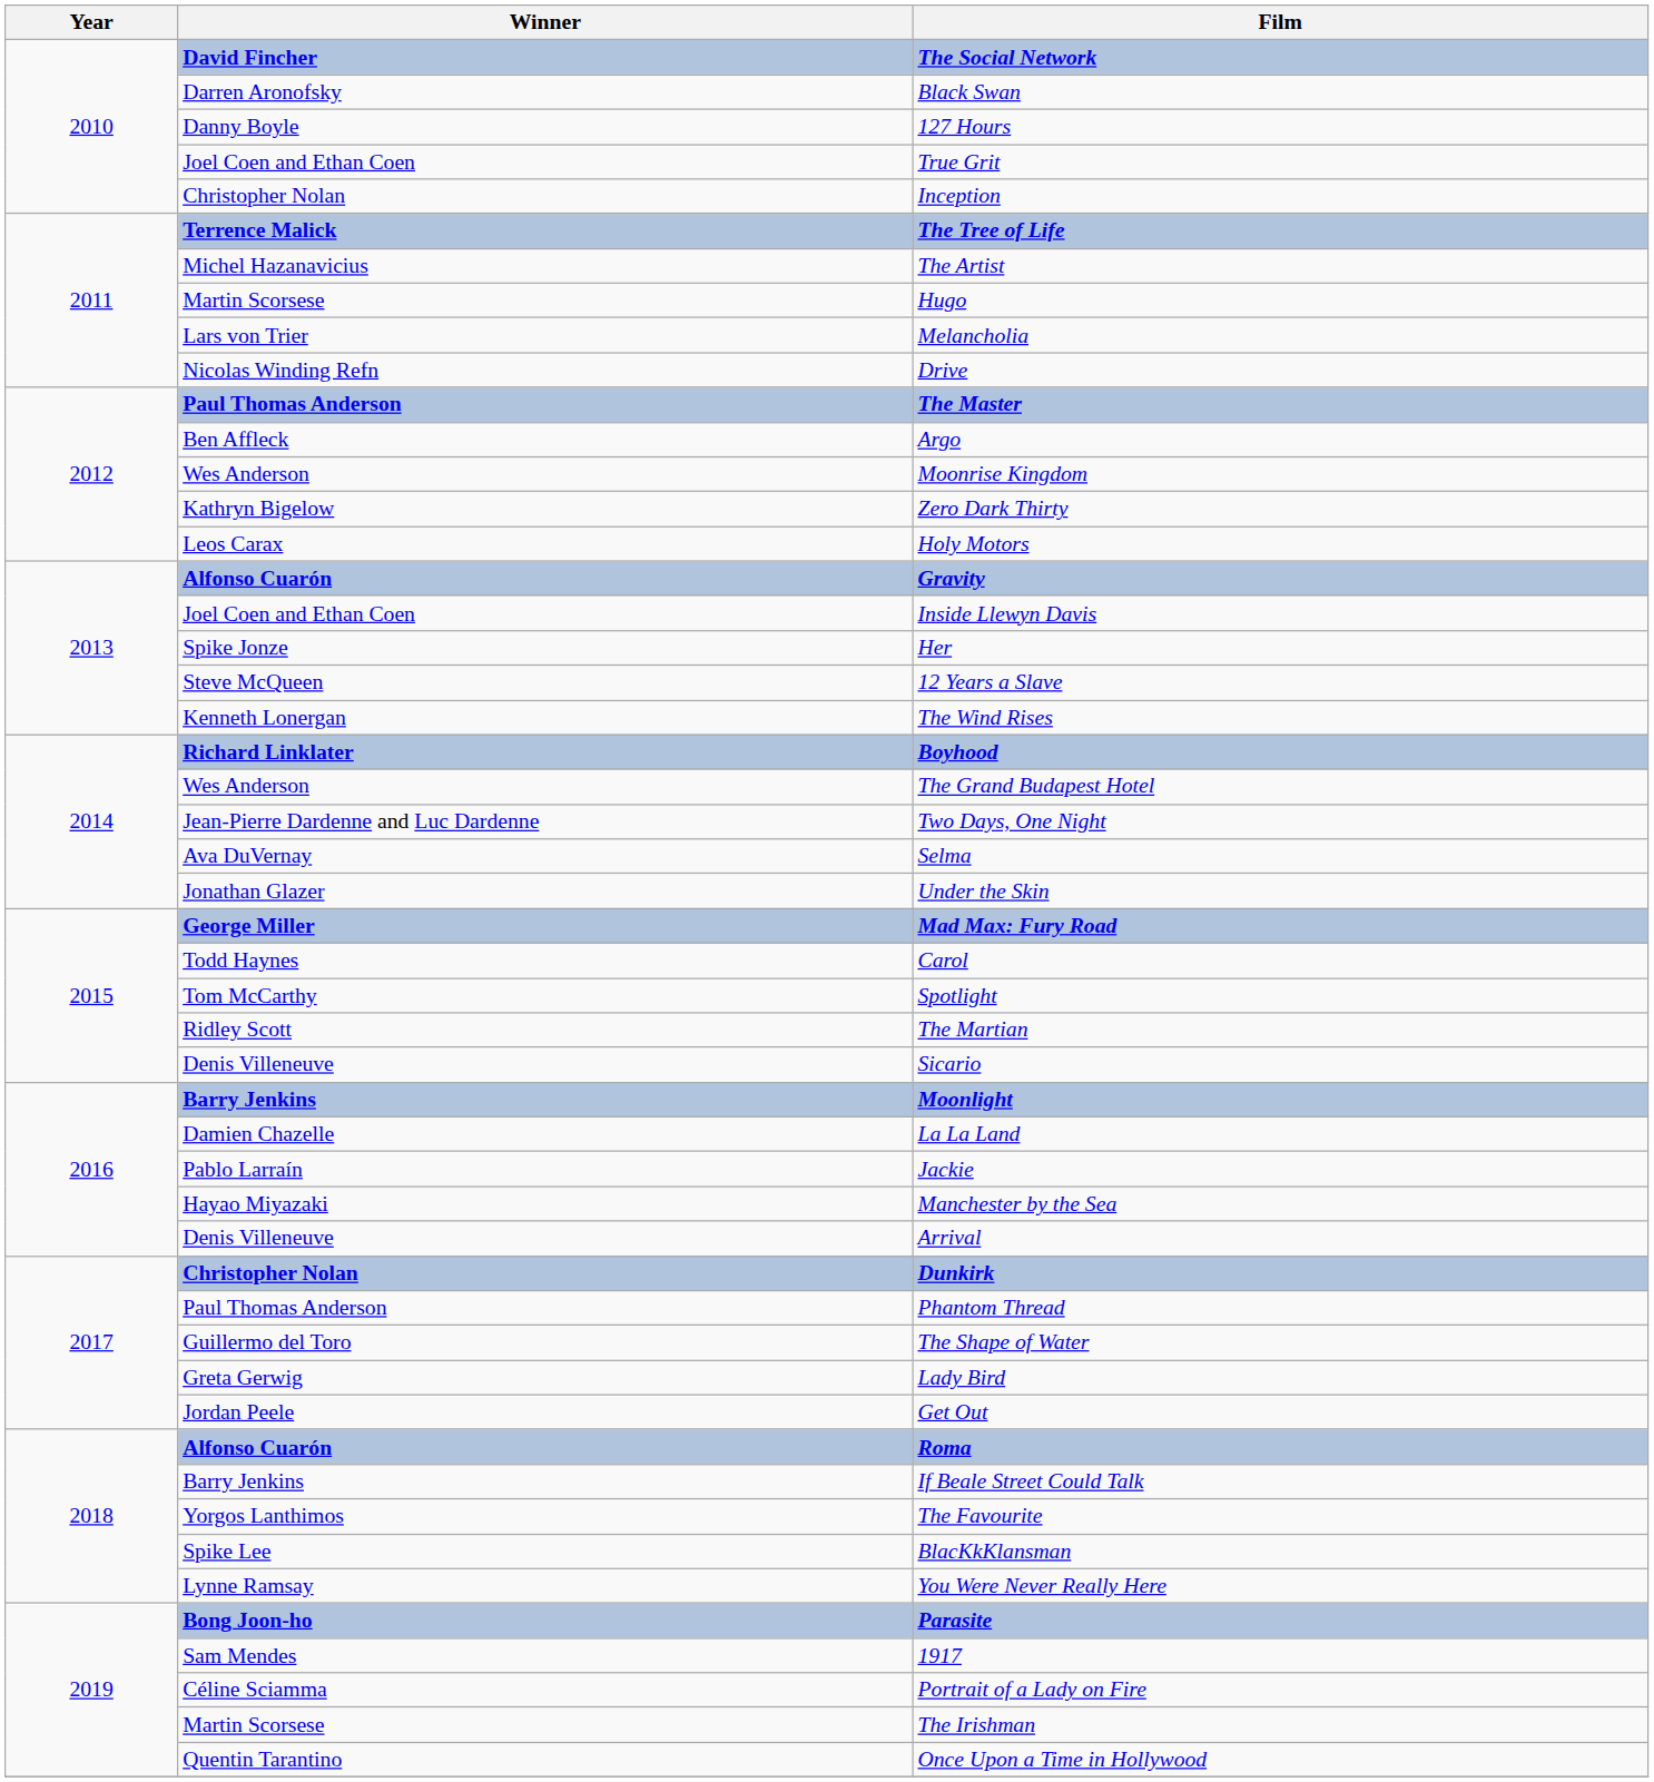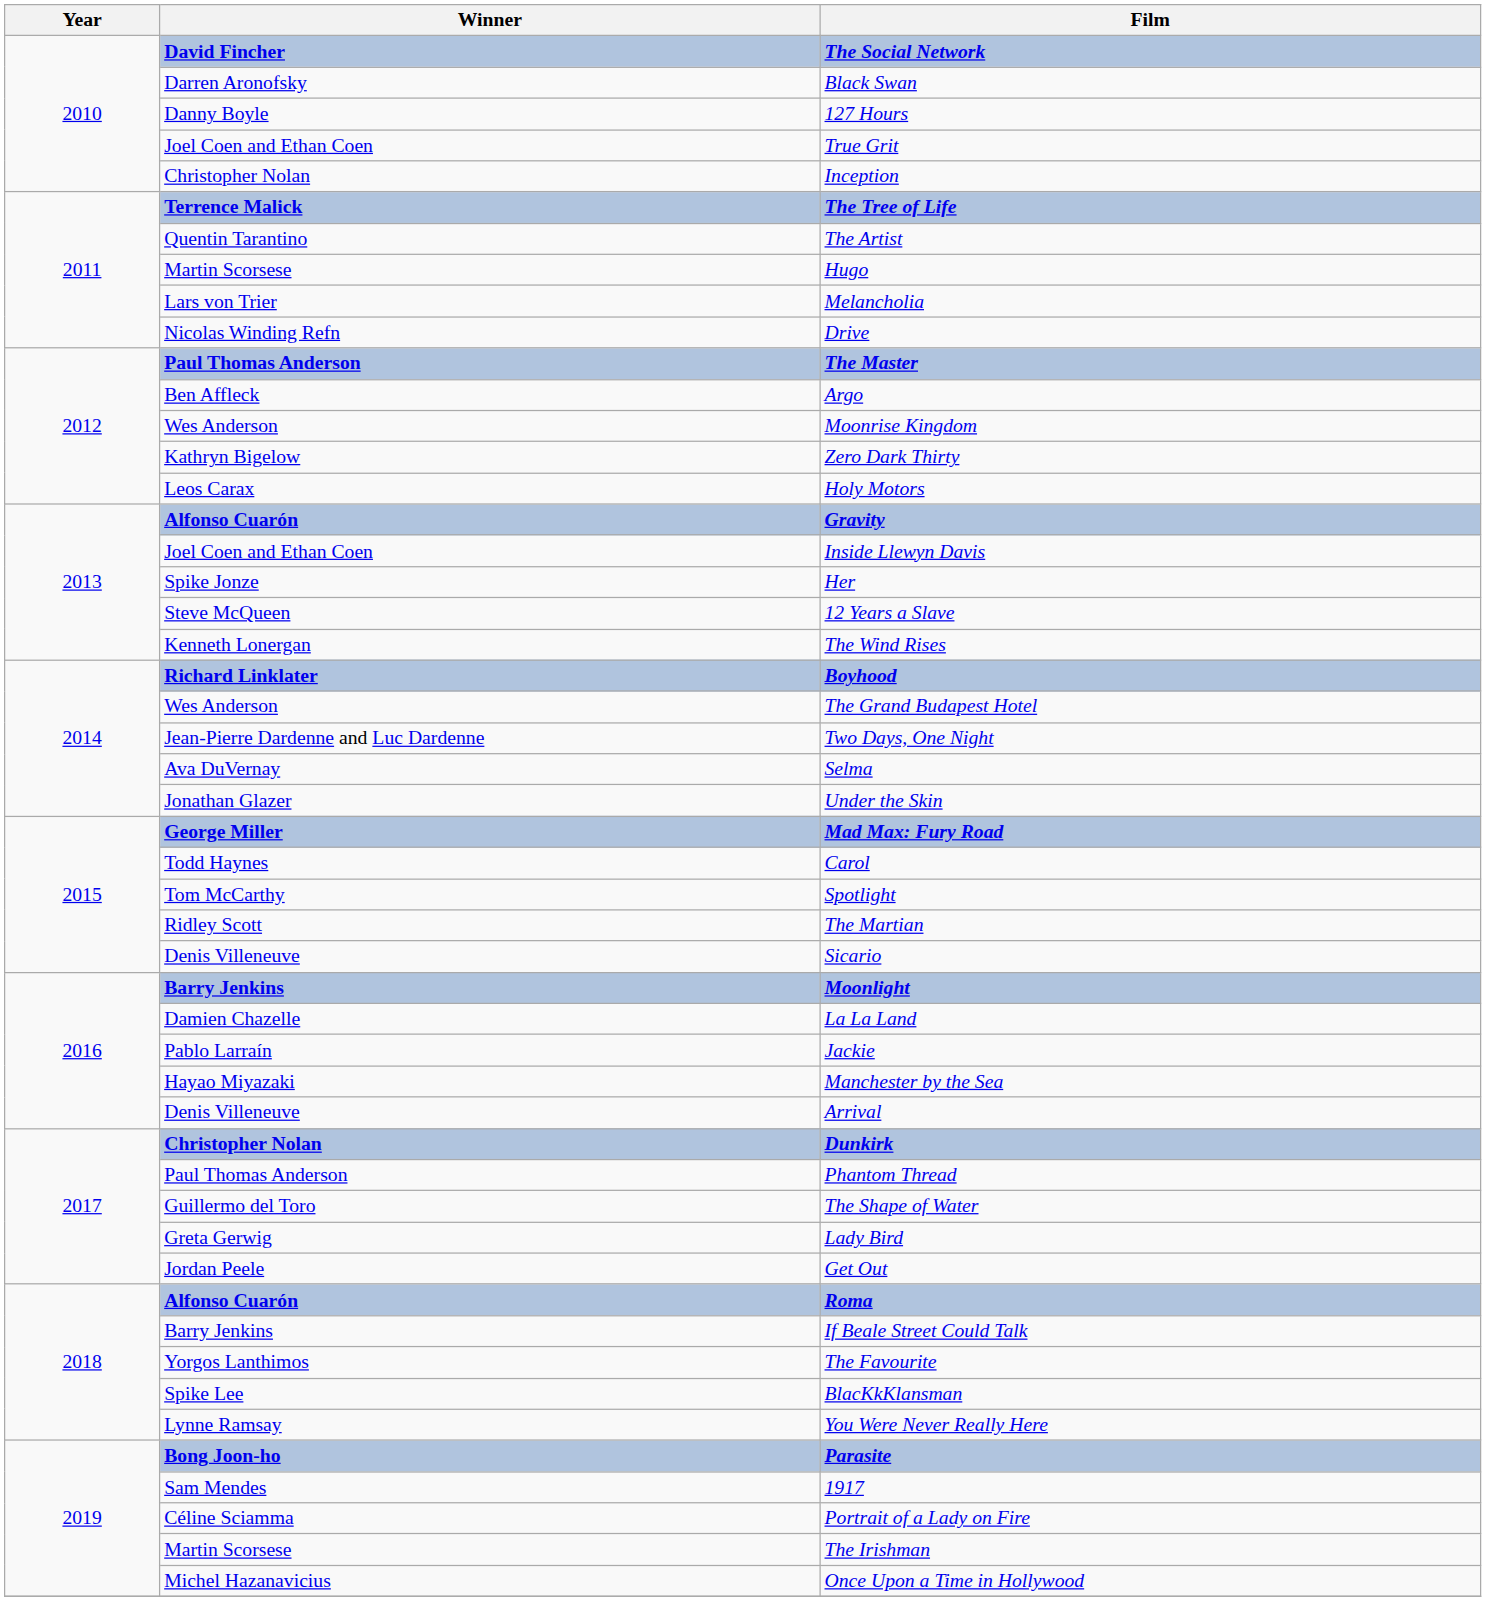 <table class="wikitable" width="95%" cellpadding="5">
 <tr>
 <th width="100"><strong>Year</strong></th>
 <th width="450"><strong>Winner</strong></th>
 <th width="450"><strong>Film</strong></th>
 </tr>
 <tr>
 <td rowspan="5" style="text-align:center;"><a href='#'>2010</a></td>
 <td style="background:#B0C4DE;"><strong><a href='#'>David Fincher</a></strong></td>
 <td style="background:#B0C4DE;"><strong><em><a href='#'>The Social Network</a></em></strong></td>
 </tr>
 <tr>
 <td><a href='#'>Darren Aronofsky</a></td>
 <td><em><a href='#'>Black Swan</a></em></td>
 </tr>
 <tr>
 <td><a href='#'>Danny Boyle</a></td>
 <td><em><a href='#'>127 Hours</a></em></td>
 </tr>
 <tr>
 <td><a href='#'>Joel Coen and Ethan Coen</a></td>
 <td><em><a href='#'>True Grit</a></em></td>
 </tr>
 <tr>
 <td><a href='#'>Christopher Nolan</a></td>
 <td><em><a href='#'>Inception</a></em></td>
 </tr>
 <tr>
 <td rowspan="5" style="text-align:center;"><a href='#'>2011</a></td>
 <td style="background:#B0C4DE;"><strong><a href='#'>Terrence Malick</a></strong></td>
 <td style="background:#B0C4DE;"><strong><em><a href='#'>The Tree of Life</a></em></strong></td>
 </tr>
 <tr>
-<td><a href='#'>Michel Hazanavicius</a></td>
+<td><a href='#'>Quentin Tarantino</a></td>
 <td><em><a href='#'>The Artist</a></em></td>
 </tr>
 <tr>
 <td><a href='#'>Martin Scorsese</a></td>
 <td><em><a href='#'>Hugo</a></em></td>
 </tr>
 <tr>
 <td><a href='#'>Lars von Trier</a></td>
 <td><em><a href='#'>Melancholia</a></em></td>
 </tr>
 <tr>
 <td><a href='#'>Nicolas Winding Refn</a></td>
 <td><em><a href='#'>Drive</a></em></td>
 </tr>
 <tr>
 <td rowspan="5" style="text-align:center;"><a href='#'>2012</a></td>
 <td style="background:#B0C4DE;"><strong><a href='#'>Paul Thomas Anderson</a></strong></td>
 <td style="background:#B0C4DE;"><strong><em><a href='#'>The Master</a></em></strong></td>
 </tr>
 <tr>
 <td><a href='#'>Ben Affleck</a></td>
 <td><em><a href='#'>Argo</a></em></td>
 </tr>
 <tr>
 <td><a href='#'>Wes Anderson</a></td>
 <td><em><a href='#'>Moonrise Kingdom</a></em></td>
 </tr>
 <tr>
 <td><a href='#'>Kathryn Bigelow</a></td>
 <td><em><a href='#'>Zero Dark Thirty</a></em></td>
 </tr>
 <tr>
 <td><a href='#'>Leos Carax</a></td>
 <td><em><a href='#'>Holy Motors</a></em></td>
 </tr>
 <tr>
 <td rowspan="5" style="text-align:center;"><a href='#'>2013</a></td>
 <td style="background:#B0C4DE;"><strong><a href='#'>Alfonso Cuarón</a></strong></td>
 <td style="background:#B0C4DE;"><strong><em><a href='#'>Gravity</a></em></strong></td>
 </tr>
 <tr>
 <td><a href='#'>Joel Coen and Ethan Coen</a></td>
 <td><em><a href='#'>Inside Llewyn Davis</a></em></td>
 </tr>
 <tr>
 <td><a href='#'>Spike Jonze</a></td>
 <td><em><a href='#'>Her</a></em></td>
 </tr>
 <tr>
 <td><a href='#'>Steve McQueen</a></td>
 <td><em><a href='#'>12 Years a Slave</a></em></td>
 </tr>
 <tr>
 <td><a href='#'>Kenneth Lonergan</a></td>
 <td><em><a href='#'>The Wind Rises</a></em></td>
 </tr>
 <tr>
 <td rowspan="5" style="text-align:center;"><a href='#'>2014</a></td>
 <td style="background:#B0C4DE;"><strong><a href='#'>Richard Linklater</a></strong></td>
 <td style="background:#B0C4DE;"><strong><em><a href='#'>Boyhood</a></em></strong></td>
 </tr>
 <tr>
 <td><a href='#'>Wes Anderson</a></td>
 <td><em><a href='#'>The Grand Budapest Hotel</a></em></td>
 </tr>
 <tr>
 <td><a href='#'>Jean-Pierre Dardenne</a> and <a href='#'>Luc Dardenne</a></td>
 <td><em><a href='#'>Two Days, One Night</a></em></td>
 </tr>
 <tr>
 <td><a href='#'>Ava DuVernay</a></td>
 <td><em><a href='#'>Selma</a></em></td>
 </tr>
 <tr>
 <td><a href='#'>Jonathan Glazer</a></td>
 <td><em><a href='#'>Under the Skin</a></em></td>
 </tr>
 <tr>
 <td rowspan="5" style="text-align:center;"><a href='#'>2015</a></td>
 <td style="background:#B0C4DE;"><strong><a href='#'>George Miller</a></strong></td>
 <td style="background:#B0C4DE;"><strong><em><a href='#'>Mad Max: Fury Road</a></em></strong></td>
 </tr>
 <tr>
 <td><a href='#'>Todd Haynes</a></td>
 <td><em><a href='#'>Carol</a></em></td>
 </tr>
 <tr>
 <td><a href='#'>Tom McCarthy</a></td>
 <td><em><a href='#'>Spotlight</a></em></td>
 </tr>
 <tr>
 <td><a href='#'>Ridley Scott</a></td>
 <td><em><a href='#'>The Martian</a></em></td>
 </tr>
 <tr>
 <td><a href='#'>Denis Villeneuve</a></td>
 <td><em><a href='#'>Sicario</a></em></td>
 </tr>
 <tr>
 <td rowspan="5" style="text-align:center;"><a href='#'>2016</a></td>
 <td style="background:#B0C4DE;"><strong><a href='#'>Barry Jenkins</a></strong></td>
 <td style="background:#B0C4DE;"><strong><em><a href='#'>Moonlight</a></em></strong></td>
 </tr>
 <tr>
 <td><a href='#'>Damien Chazelle</a></td>
 <td><em><a href='#'>La La Land</a></em></td>
 </tr>
 <tr>
 <td><a href='#'>Pablo Larraín</a></td>
 <td><em><a href='#'>Jackie</a></em></td>
 </tr>
 <tr>
 <td><a href='#'>Hayao Miyazaki</a></td>
 <td><em><a href='#'>Manchester by the Sea</a></em></td>
 </tr>
 <tr>
 <td><a href='#'>Denis Villeneuve</a></td>
 <td><em><a href='#'>Arrival</a></em></td>
 </tr>
 <tr>
 <td rowspan="5" style="text-align:center;"><a href='#'>2017</a></td>
 <td style="background:#B0C4DE;"><strong><a href='#'>Christopher Nolan</a></strong></td>
 <td style="background:#B0C4DE;"><strong><em><a href='#'>Dunkirk</a></em></strong></td>
 </tr>
 <tr>
 <td><a href='#'>Paul Thomas Anderson</a></td>
 <td><em><a href='#'>Phantom Thread</a></em></td>
 </tr>
 <tr>
 <td><a href='#'>Guillermo del Toro</a></td>
 <td><em><a href='#'>The Shape of Water</a></em></td>
 </tr>
 <tr>
 <td><a href='#'>Greta Gerwig</a></td>
 <td><em><a href='#'>Lady Bird</a></em></td>
 </tr>
 <tr>
 <td><a href='#'>Jordan Peele</a></td>
 <td><em><a href='#'>Get Out</a></em></td>
 </tr>
 <tr>
 <td rowspan="5" style="text-align:center;"><a href='#'>2018</a></td>
 <td style="background:#B0C4DE;"><strong><a href='#'>Alfonso Cuarón</a></strong></td>
 <td style="background:#B0C4DE;"><strong><em><a href='#'>Roma</a></em></strong></td>
 </tr>
 <tr>
 <td><a href='#'>Barry Jenkins</a></td>
 <td><em><a href='#'>If Beale Street Could Talk</a></em></td>
 </tr>
 <tr>
 <td><a href='#'>Yorgos Lanthimos</a></td>
 <td><em><a href='#'>The Favourite</a></em></td>
 </tr>
 <tr>
 <td><a href='#'>Spike Lee</a></td>
 <td><em><a href='#'>BlacKkKlansman</a></em></td>
 </tr>
 <tr>
 <td><a href='#'>Lynne Ramsay</a></td>
 <td><em><a href='#'>You Were Never Really Here</a></em></td>
 </tr>
 <tr>
 <td rowspan="5" style="text-align:center;"><a href='#'>2019</a></td>
 <td style="background:#B0C4DE;"><strong><a href='#'>Bong Joon-ho</a></strong></td>
 <td style="background:#B0C4DE;"><strong><em><a href='#'>Parasite</a></em></strong></td>
 </tr>
 <tr>
 <td><a href='#'>Sam Mendes</a></td>
 <td><em><a href='#'>1917</a></em></td>
 </tr>
 <tr>
 <td><a href='#'>Céline Sciamma</a></td>
 <td><em><a href='#'>Portrait of a Lady on Fire</a></em></td>
 </tr>
 <tr>
 <td><a href='#'>Martin Scorsese</a></td>
 <td><em><a href='#'>The Irishman</a></em></td>
 </tr>
 <tr>
-<td><a href='#'>Quentin Tarantino</a></td>
+<td><a href='#'>Michel Hazanavicius</a></td>
 <td><em><a href='#'>Once Upon a Time in Hollywood</a></em></td>
 </tr>
 <tr>
 </tr>
 </table>
